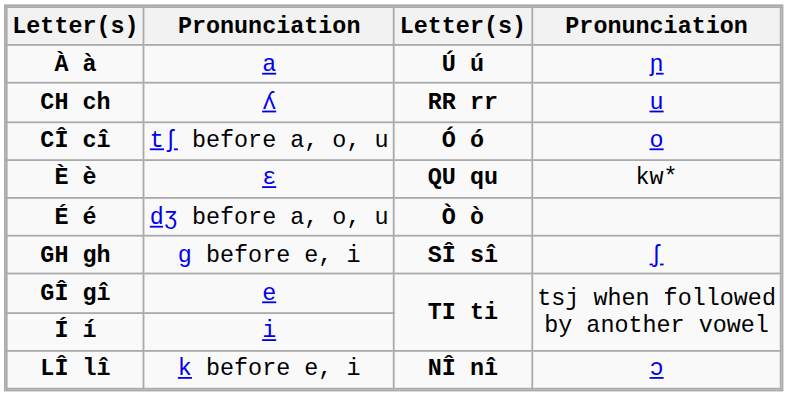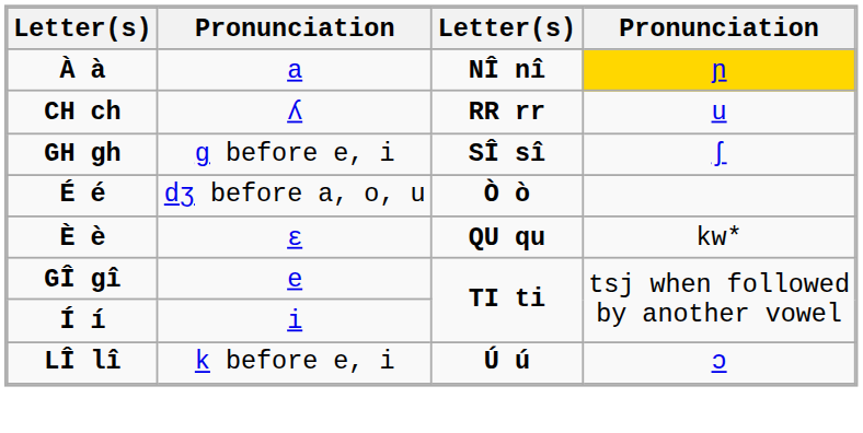 <table class="wikitable" style="text-align: center; display:inline-grid">
 <tr>
 <th>Letter(s)</th>
 <th>Pronunciation</th>
 <th>Letter(s)</th>
 <th>Pronunciation</th>
 </tr>
 <tr>
 <td><strong>À à</strong></td>
 <td><a href='#'>a</a></td>
-<td><strong>Ú ú</strong></td>
-<td><a href='#'>ɲ</a></td>
+<td><strong>NÎ nî</strong></td>
+<td style="background: gold;"><a href='#'>ɲ</a></td>
 </tr>
 <tr>
 <td><strong>CH ch</strong></td>
 <td><a href='#'>ʎ</a></td>
 <td><strong>RR rr</strong></td>
 <td><a href='#'>u</a></td>
 </tr>
 <tr>
-<td><strong>CÎ cî</strong></td>
-<td><a href='#'>tʃ</a> before a, o, u</td>
-<td><strong>Ó ó</strong></td>
-<td><a href='#'>o</a></td>
-</tr>
-<tr>
-<td><strong>È è</strong></td>
-<td><a href='#'>ɛ</a></td>
-<td><strong>QU qu</strong></td>
-<td>kw*</td>
+<td><strong>GH gh</strong></td>
+<td><a href='#'>ɡ</a> before e, i</td>
+<td><strong>SÎ sî</strong></td>
+<td><a href='#'>ʃ</a></td>
 </tr>
 <tr>
 <td><strong>É é</strong></td>
 <td><a href='#'>dʒ</a> before a, o, u</td>
 <td><strong>Ò ò</strong></td>
 <td></td>
 </tr>
 <tr>
-<td><strong>GH gh</strong></td>
-<td><a href='#'>ɡ</a> before e, i</td>
-<td><strong>SÎ sî</strong></td>
-<td><a href='#'>ʃ</a></td>
+<td><strong>È è</strong></td>
+<td><a href='#'>ɛ</a></td>
+<td><strong>QU qu</strong></td>
+<td>kw*</td>
 </tr>
 <tr>
 <td><strong>GÎ gî</strong></td>
 <td><a href='#'>e</a></td>
 <td rowspan="2"><strong>TI ti</strong></td>
 <td rowspan="2">tsj when followed<br>by another vowel</td>
 </tr>
 <tr>
 <td><strong>Í í</strong></td>
 <td><a href='#'>i</a></td>
 </tr>
 <tr>
 <td><strong>LÎ lî</strong></td>
 <td><a href='#'>k</a> before e, i</td>
-<td><strong>NÎ nî</strong></td>
+<td><strong>Ú ú</strong></td>
 <td><a href='#'>ɔ</a></td>
 </tr>
 </table>
